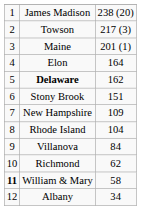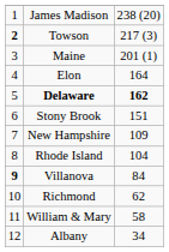 <table class="wikitable">
 <tr align="center">
 </tr>
 <tr align="center">
 <td>1</td>
 <td>James Madison</td>
 <td>238 (20)</td>
 </tr>
 <tr align="center">
-<td>2</td>
+<td><strong>2</strong></td>
 <td>Towson</td>
 <td>217 (3)</td>
 </tr>
 <tr align="center">
 <td>3</td>
 <td>Maine</td>
 <td>201 (1)</td>
 </tr>
 <tr align="center">
 <td>4</td>
 <td>Elon</td>
 <td>164</td>
 </tr>
 <tr align="center">
 <td>5</td>
 <td><strong>Delaware</strong></td>
-<td>162</td>
+<td><strong>162</strong></td>
 </tr>
 <tr align="center">
 <td>6</td>
 <td>Stony Brook</td>
 <td>151</td>
 </tr>
 <tr align="center">
 <td>7</td>
 <td>New Hampshire</td>
 <td>109</td>
 </tr>
 <tr align="center">
 <td>8</td>
 <td>Rhode Island</td>
 <td>104</td>
 </tr>
 <tr align="center">
-<td>9</td>
+<td><strong>9</strong></td>
 <td>Villanova</td>
 <td>84</td>
 </tr>
 <tr align="center">
 <td>10</td>
 <td>Richmond</td>
 <td>62</td>
 </tr>
 <tr align="center">
-<td><strong>11</strong></td>
+<td>11</td>
 <td>William & Mary</td>
 <td>58</td>
 </tr>
 <tr align="center">
 <td>12</td>
 <td>Albany</td>
 <td>34</td>
 </tr>
 </table>
